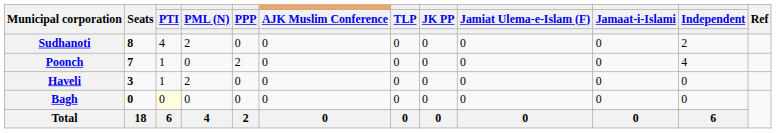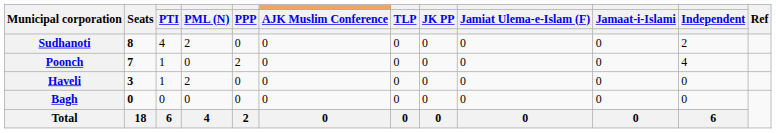 <table class="wikitable">
 <tr>
 <th rowspan="3">Municipal corporation</th>
 <th rowspan="3">Seats</th>
 <th style="background-color: "></th>
 <th style="background-color: "></th>
 <th style="background-color: "></th>
 <td bgcolor="#f4a460"></td>
 <th style="background-color: "></th>
 <th style="background-color: "></th>
 <th style="background-color: "></th>
 <th style="background-color: "></th>
 <th style="background-color: "></th>
 <th rowspan="3">Ref</th>
 </tr>
 <tr>
 <th><a href='#'>PTI</a></th>
 <th><a href='#'>PML (N)</a></th>
 <th><a href='#'>PPP</a></th>
 <th><a href='#'>AJK Muslim Conference</a></th>
 <th><a href='#'>TLP</a></th>
 <th><a href='#'>JK PP</a></th>
 <th><a href='#'>Jamiat Ulema-e-Islam (F)</a></th>
 <th><a href='#'>Jamaat-i-Islami</a></th>
 <th><a href='#'>Independent</a></th>
 </tr>
 <tr>
 <th></th>
 <th></th>
 <th></th>
 <th></th>
 <th></th>
 <th></th>
 <th></th>
 <th></th>
 <th></th>
 </tr>
 <tr>
 <th><a href='#'>Sudhanoti</a></th>
 <td><strong>8</strong></td>
 <td>4</td>
 <td>2</td>
 <td>0</td>
 <td>0</td>
 <td>0</td>
 <td>0</td>
 <td>0</td>
 <td>0</td>
 <td>2</td>
 <td></td>
 </tr>
 <tr>
 <th><a href='#'>Poonch</a></th>
 <td><strong>7</strong></td>
 <td>1</td>
 <td>0</td>
 <td>2</td>
 <td>0</td>
 <td>0</td>
 <td>0</td>
 <td>0</td>
 <td>0</td>
 <td>4</td>
 <td></td>
 </tr>
 <tr>
 <th><a href='#'>Haveli</a></th>
 <td><strong>3</strong></td>
 <td>1</td>
 <td>2</td>
 <td>0</td>
 <td>0</td>
 <td>0</td>
 <td>0</td>
 <td>0</td>
 <td>0</td>
 <td>0</td>
 <td></td>
 </tr>
 <tr>
 <th><a href='#'>Bagh</a></th>
 <td><strong>0</strong></td>
-<td style="background: lightyellow;">0</td>
+<td>0</td>
 <td>0</td>
 <td>0</td>
 <td>0</td>
 <td>0</td>
 <td>0</td>
 <td>0</td>
 <td>0</td>
 <td>0</td>
 <td rowspan="2"></td>
 </tr>
 <tr>
 <th><strong>Total</strong></th>
 <th>18</th>
 <th>6</th>
 <th>4</th>
 <th>2</th>
 <th>0</th>
 <th>0</th>
 <th>0</th>
 <th>0</th>
 <th>0</th>
 <th>6</th>
 </tr>
 </table>
